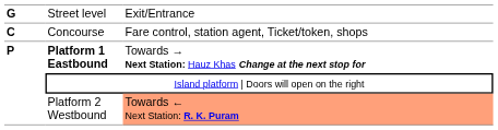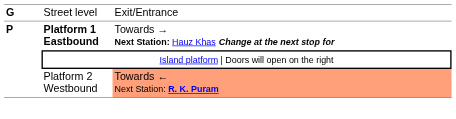 <table table border=0 cellspacing=0 cellpadding=3>
 <tr>
 <td style="border-top:solid 1px grey;border-bottom:solid 1px grey;" width=50 valign=top><strong>G</strong></td>
 <td style="border-top:solid 1px grey;border-bottom:solid 1px grey;" width=100 valign=top>Street level</td>
 <td style="border-top:solid 1px grey;border-bottom:solid 1px grey;" width=500 valign=top>Exit/Entrance</td>
-</tr>
-<tr>
-<td style="border-bottom:solid 1px grey;"><strong>C</strong></td>
-<td style="border-bottom:solid 1px grey;">Concourse</td>
-<td style="border-bottom:solid 1px grey;">Fare control, station agent, Ticket/token, shops</td>
 </tr>
 <tr>
 <td style="border-bottom:solid 1px grey;" width=50 rowspan=3 valign=top><strong>P</strong></td>
 <td style="border-bottom:solid 1px white;" width=100><span><strong>Platform 1</strong><br><strong>Eastbound</strong></span></td>
 <td style="border-bottom:solid 1px white;" width=500>Towards → <br><small><strong>Next Station:</strong> <a href='#'>Hauz Khas</a></small> <small><strong><em>Change at the next stop for <strong><em></small></td>
 </tr>
 <tr>
 <td style="border-top:solid 2px black;border-right:solid 2px black;border-left:solid 2px black;border-bottom:solid 2px black;text-align:center;" colspan=2><small><a href='#'>Island platform</a> | Doors will open on the right </small></td>
 </tr>
 <tr>
 <td style="border-bottom:solid 1px grey;" width=100><span></strong>Platform 2<strong><br></strong>Westbound<strong></span></td>
 <td style="background: lightsalmon; border-bottom:solid 1px grey;" width="500">Towards ← <br><small></strong>Next Station:<strong> <a href='#'>R. K. Puram</a></small></td>
 </tr>
 </table>
